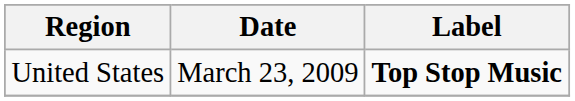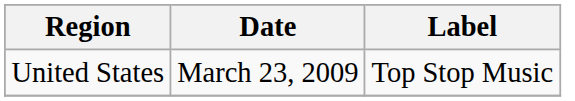 <table class="wikitable">
 <tr>
 <th>Region</th>
 <th>Date</th>
 <th>Label</th>
 </tr>
 <tr>
 <td>United States</td>
 <td rowspan="1">March 23, 2009</td>
-<td><strong>Top Stop Music</strong></td>
+<td>Top Stop Music</td>
 </tr>
 <tr>
 </tr>
 </table>
